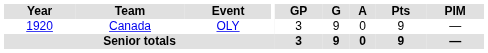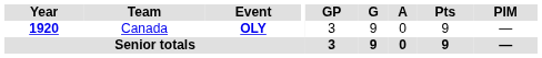 <table border="0" cellpadding="1" cellspacing="0" ID="Table3" style="text-align:center; width:40em">
 <tr bgcolor="#e0e0e0">
 <th>Year</th>
 <th>Team</th>
 <th>Event</th>
 <th rowspan="102" bgcolor="#ffffff"></th>
 <th>GP</th>
 <th>G</th>
 <th>A</th>
 <th>Pts</th>
 <th>PIM</th>
 </tr>
 <tr>
-<td><a href='#'>1920</a></td>
+<td><strong><a href='#'>1920</a></strong></td>
 <td><a href='#'>Canada</a></td>
-<td><a href='#'>OLY</a></td>
+<td><strong><a href='#'>OLY</a></strong></td>
 <td>3</td>
 <td>9</td>
 <td>0</td>
 <td>9</td>
 <td>—</td>
 </tr>
 <tr bgcolor="#e0e0e0">
 <th colspan="4">Senior totals</th>
 <th>3</th>
 <th>9</th>
 <th>0</th>
 <th>9</th>
 <th>—</th>
 </tr>
 </table>
